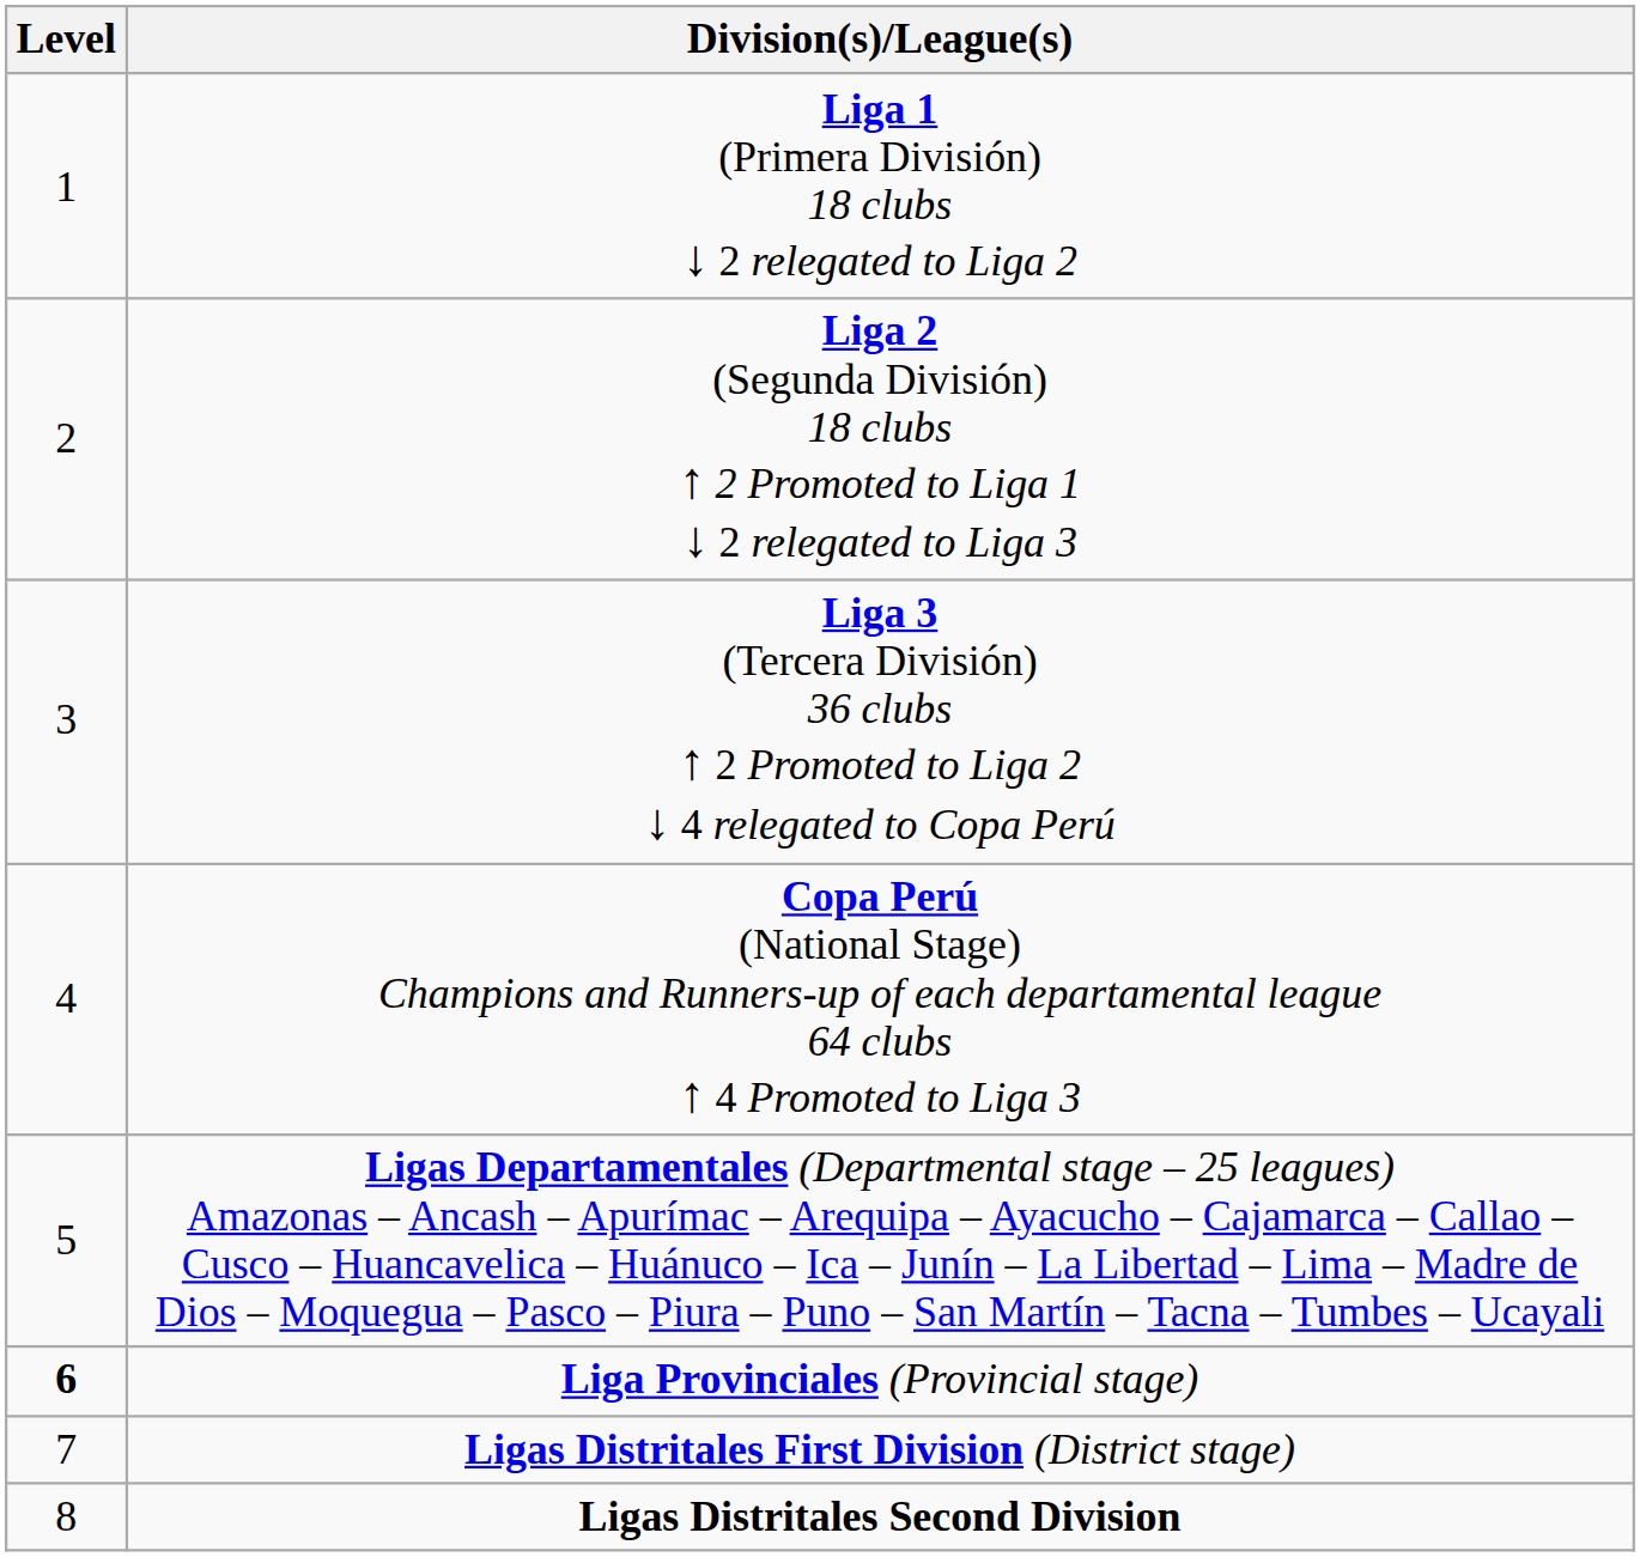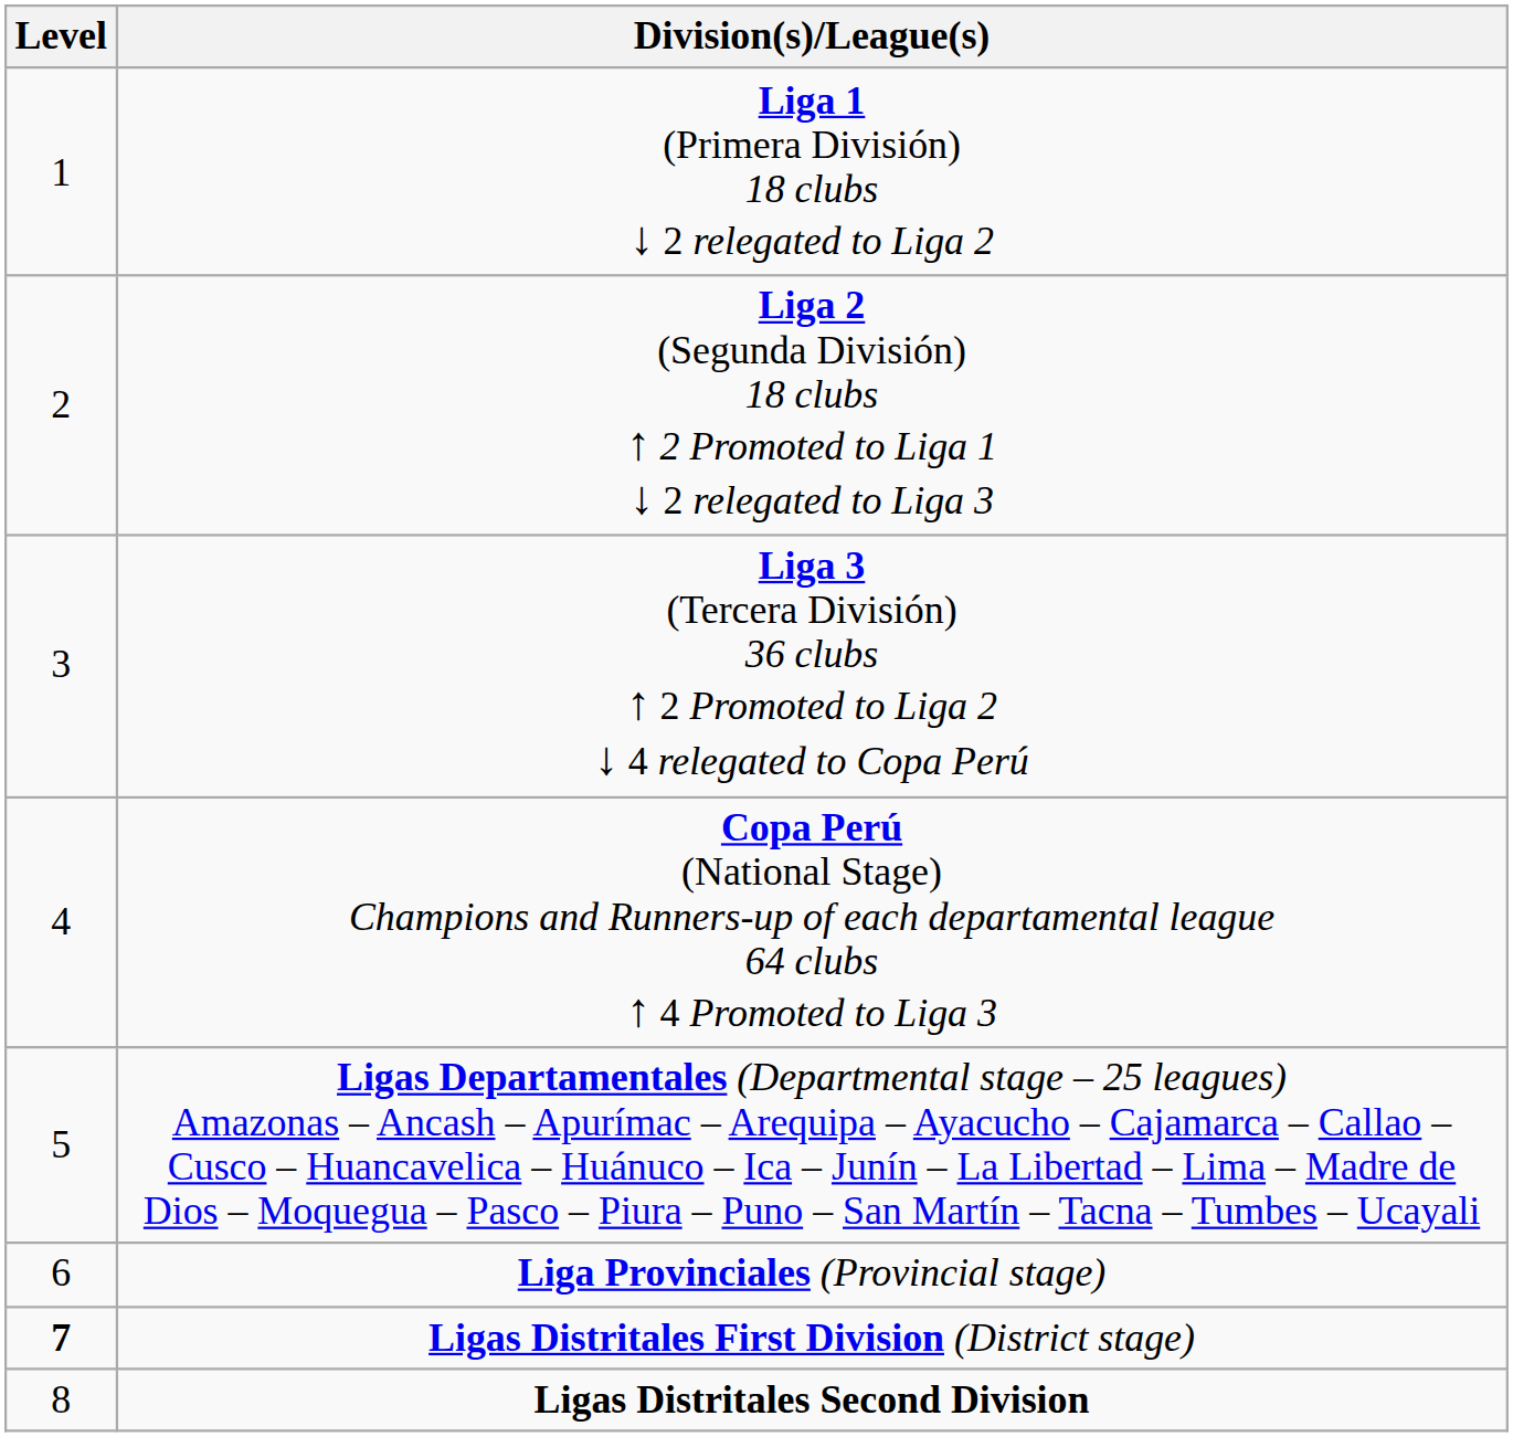 <table class="wikitable" style="text-align: center;">
 <tr>
 <th colspan="1" width="4%">Level</th>
 <th width="96%">Division(s)/League(s)</th>
 </tr>
 <tr>
 <td colspan="1" width="4%">1</td>
 <td width="96%"><strong><a href='#'>Liga 1</a></strong><br>(Primera División)<br><em>18 clubs</em><br><big>↓</big> 2 <em>relegated to Liga 2</em></td>
 </tr>
 <tr>
 <td colspan="1" width="4%">2</td>
 <td width="48%"><strong><a href='#'>Liga 2</a></strong><br>(Segunda División)<br><em>18 clubs</em><br><em><big>↑</big></em> <em>2 Promoted to Liga 1</em><br><strong><big>↓</big></strong> 2 <em>relegated to Liga 3</em></td>
 </tr>
 <tr>
 <td colspan="1" width="4%">3</td>
 <td width="48%"><strong><a href='#'>Liga 3</a></strong><br>(Tercera División)<br><em>36 clubs</em><br><em><big>↑</big></em> 2 <em>Promoted to Liga 2</em><br><strong><big>↓</big></strong> 4 <em>relegated to Copa Perú</em></td>
 </tr>
 <tr>
 <td>4</td>
 <td colspan="2"><strong><a href='#'>Copa Perú</a></strong><br>(National Stage)<br><em>Champions and Runners-up of each departamental league</em><br><em>64 clubs</em><br><strong><big>↑</big></strong> 4 <em>Promoted to Liga 3</em></td>
 </tr>
 <tr>
 <td colspan="1" width="4%">5</td>
 <td width="48%"><strong><a href='#'>Ligas Departamentales</a></strong>  <em>(Departmental stage – 25 leagues)</em><br><a href='#'>Amazonas</a> – <a href='#'>Ancash</a> – <a href='#'>Apurímac</a> – <a href='#'>Arequipa</a> – <a href='#'>Ayacucho</a> – <a href='#'>Cajamarca</a> – <a href='#'>Callao</a> – <a href='#'>Cusco</a> – <a href='#'>Huancavelica</a> – <a href='#'>Huánuco</a> – <a href='#'>Ica</a> – <a href='#'>Junín</a> – <a href='#'>La Libertad</a> – <a href='#'>Lima</a> – <a href='#'>Madre de Dios</a> – <a href='#'>Moquegua</a> – <a href='#'>Pasco</a> – <a href='#'>Piura</a> – <a href='#'>Puno</a> – <a href='#'>San Martín</a> – <a href='#'>Tacna</a> – <a href='#'>Tumbes</a> – <a href='#'>Ucayali</a></td>
 </tr>
 <tr>
-<td colspan="1" width="4%"><strong>6</strong></td>
+<td colspan="1" width="4%">6</td>
 <td width="96%"><strong><a href='#'>Liga Provinciales</a></strong> <em>(Provincial stage)</em></td>
 </tr>
 <tr>
-<td colspan="1" width="4%">7</td>
+<td colspan="1" width="4%"><strong>7</strong></td>
 <td width="96%"><strong><a href='#'>Ligas Distritales First Division</a></strong> <em>(District stage)</em></td>
 </tr>
 <tr>
 <td colspan="1" width="4%">8</td>
 <td width="96%"><strong>Ligas Distritales Second Division</strong></td>
 </tr>
 </table>
